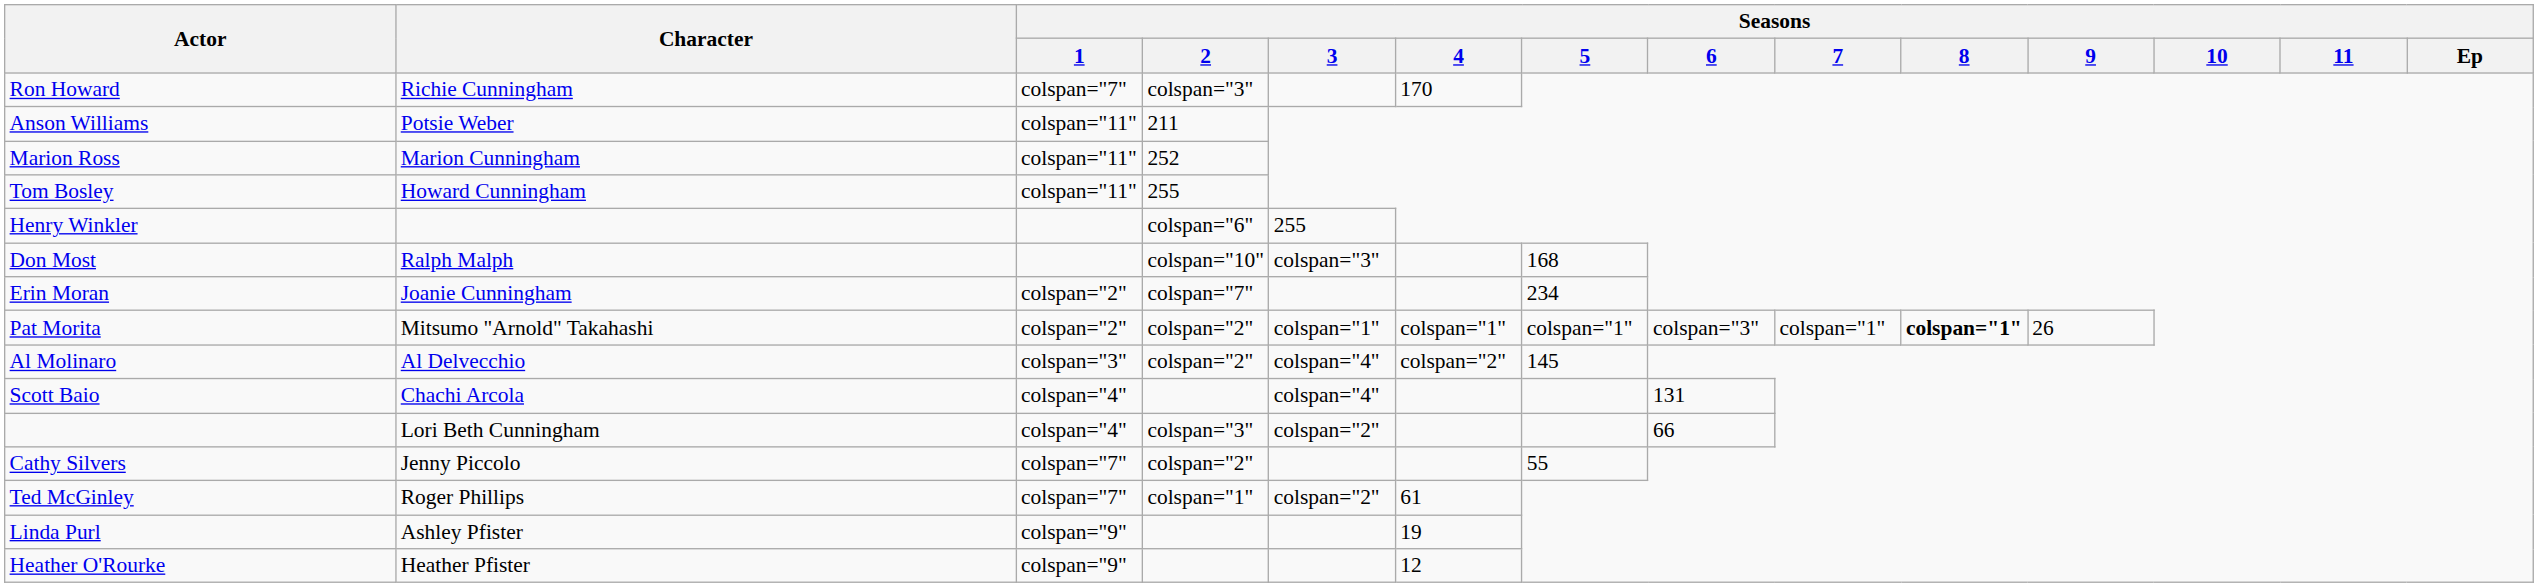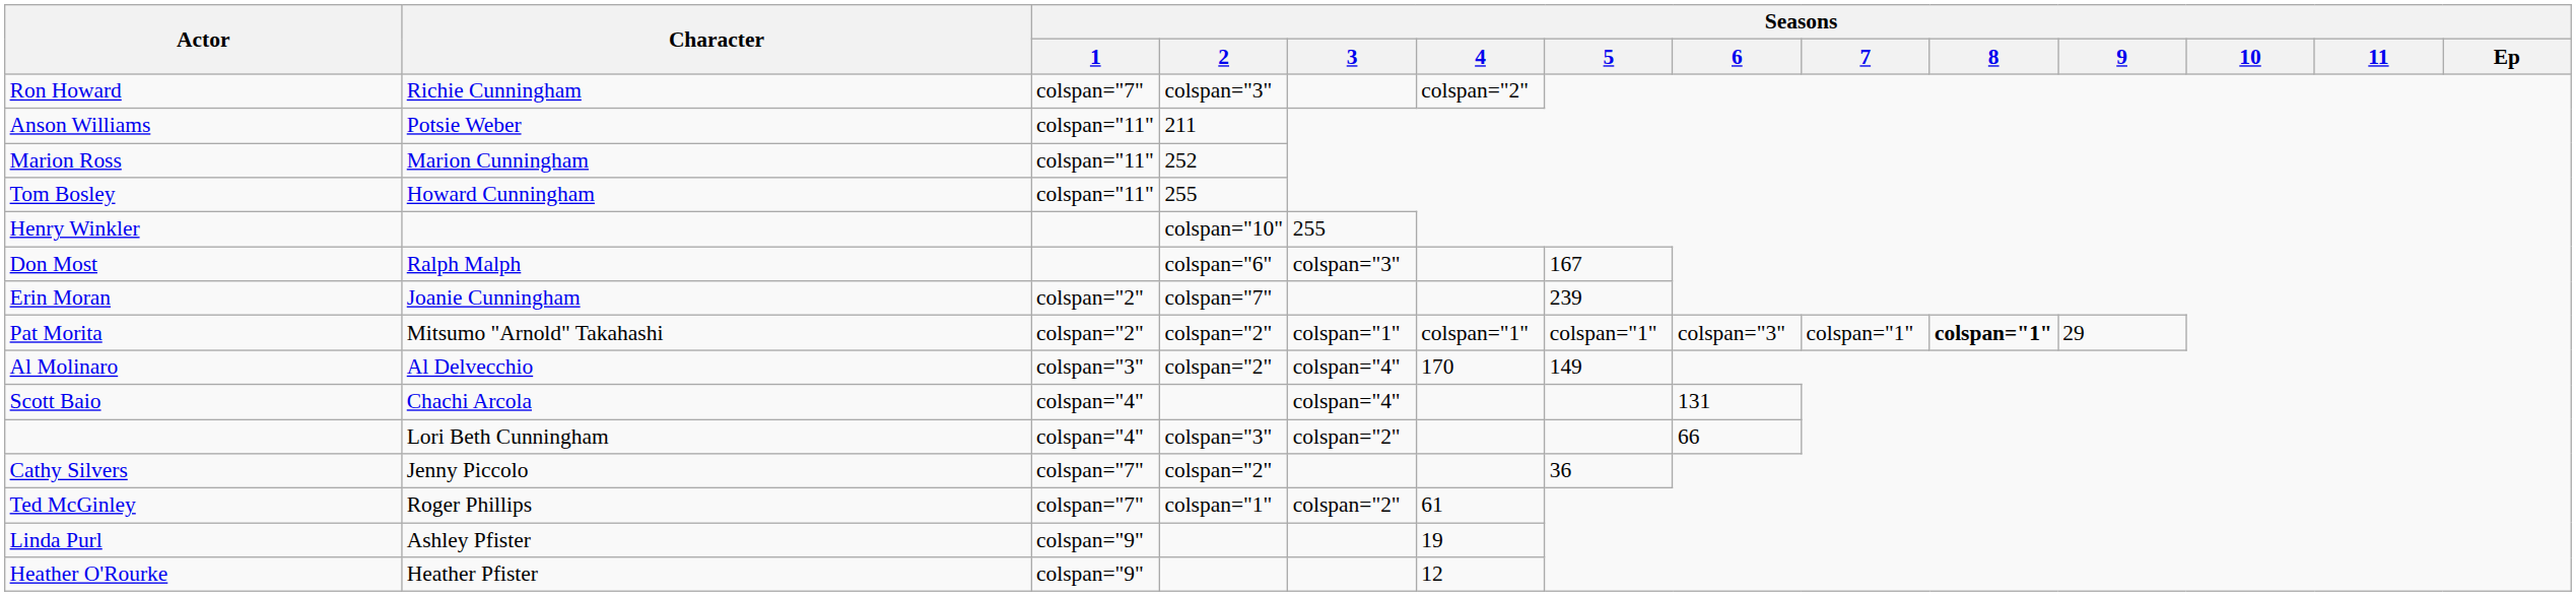 <table class="wikitable plainrowheaders">
 <tr>
 <th rowspan="2">Actor</th>
 <th rowspan="2">Character</th>
 <th colspan="12">Seasons</th>
 </tr>
 <tr>
 <th scope="col" style="width:5%;"><a href='#'>1</a></th>
 <th scope="col" style="width:5%;"><a href='#'>2</a></th>
 <th scope="col" style="width:5%;"><a href='#'>3</a></th>
 <th scope="col" style="width:5%;"><a href='#'>4</a></th>
 <th scope="col" style="width:5%;"><a href='#'>5</a></th>
 <th scope="col" style="width:5%;"><a href='#'>6</a></th>
 <th scope="col" style="width:5%;"><a href='#'>7</a></th>
 <th scope="col" style="width:5%;"><a href='#'>8</a></th>
 <th scope="col" style="width:5%;"><a href='#'>9</a></th>
 <th scope="col" style="width:5%;"><a href='#'>10</a></th>
 <th scope="col" style="width:5%;"><a href='#'>11</a></th>
 <th scope="col" style="width:5%;">Ep</th>
 </tr>
 <tr>
 <td><a href='#'>Ron Howard</a></td>
 <td><a href='#'>Richie Cunningham</a></td>
 <td>colspan="7" </td>
 <td>colspan="3" </td>
 <td></td>
-<td>170</td>
+<td>colspan="2" </td>
 </tr>
 <tr>
 <td><a href='#'>Anson Williams</a></td>
 <td><a href='#'>Potsie Weber</a></td>
 <td>colspan="11" </td>
 <td>211</td>
 </tr>
 <tr>
 <td><a href='#'>Marion Ross</a></td>
 <td><a href='#'>Marion Cunningham</a></td>
 <td>colspan="11" </td>
 <td>252</td>
 </tr>
 <tr>
 <td><a href='#'>Tom Bosley</a></td>
 <td><a href='#'>Howard Cunningham</a></td>
 <td>colspan="11" </td>
 <td>255</td>
 </tr>
 <tr>
 <td><a href='#'>Henry Winkler</a></td>
 <td></td>
 <td></td>
-<td>colspan="6" </td>
+<td>colspan="10" </td>
 <td>255</td>
 </tr>
 <tr>
 <td><a href='#'>Don Most</a></td>
 <td><a href='#'>Ralph Malph</a></td>
 <td></td>
-<td>colspan="10" </td>
+<td>colspan="6" </td>
 <td>colspan="3" </td>
 <td></td>
-<td>168</td>
+<td>167</td>
 </tr>
 <tr>
 <td><a href='#'>Erin Moran</a></td>
 <td><a href='#'>Joanie Cunningham</a></td>
 <td>colspan="2" </td>
 <td>colspan="7" </td>
 <td></td>
 <td></td>
-<td>234</td>
+<td>239</td>
 </tr>
 <tr>
 <td><a href='#'>Pat Morita</a></td>
 <td>Mitsumo "Arnold" Takahashi</td>
 <td>colspan="2" </td>
 <td>colspan="2" </td>
 <td>colspan="1" </td>
 <td>colspan="1" </td>
 <td>colspan="1" </td>
 <td>colspan="3" </td>
 <td>colspan="1" </td>
 <td><strong>colspan="1" </strong></td>
-<td>26</td>
+<td>29</td>
 </tr>
 <tr>
 <td><a href='#'>Al Molinaro</a></td>
 <td><a href='#'>Al Delvecchio</a></td>
 <td>colspan="3" </td>
 <td>colspan="2" </td>
 <td>colspan="4" </td>
-<td>colspan="2" </td>
-<td>145</td>
+<td>170</td>
+<td>149</td>
 </tr>
 <tr>
 <td><a href='#'>Scott Baio</a></td>
 <td><a href='#'>Chachi Arcola</a></td>
 <td>colspan="4" </td>
 <td></td>
 <td>colspan="4" </td>
 <td></td>
 <td></td>
 <td>131</td>
 </tr>
 <tr>
 <td></td>
 <td>Lori Beth Cunningham</td>
 <td>colspan="4" </td>
 <td>colspan="3" </td>
 <td>colspan="2" </td>
 <td></td>
 <td></td>
 <td>66</td>
 </tr>
 <tr>
 <td><a href='#'>Cathy Silvers</a></td>
 <td>Jenny Piccolo</td>
 <td>colspan="7" </td>
 <td>colspan="2" </td>
 <td></td>
 <td></td>
-<td>55</td>
+<td>36</td>
 </tr>
 <tr>
 <td><a href='#'>Ted McGinley</a></td>
 <td>Roger Phillips</td>
 <td>colspan="7" </td>
 <td>colspan="1" </td>
 <td>colspan="2" </td>
 <td>61</td>
 </tr>
 <tr>
 <td><a href='#'>Linda Purl</a></td>
 <td>Ashley Pfister</td>
 <td>colspan="9" </td>
 <td></td>
 <td></td>
 <td>19</td>
 </tr>
 <tr>
 <td><a href='#'>Heather O'Rourke</a></td>
 <td>Heather Pfister</td>
 <td>colspan="9" </td>
 <td></td>
 <td></td>
 <td>12</td>
 </tr>
 </table>
